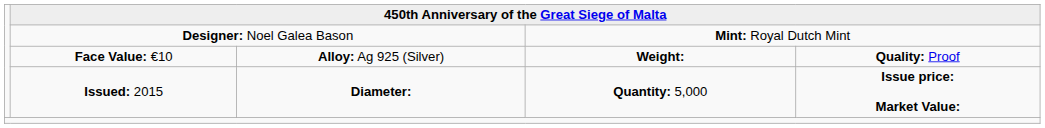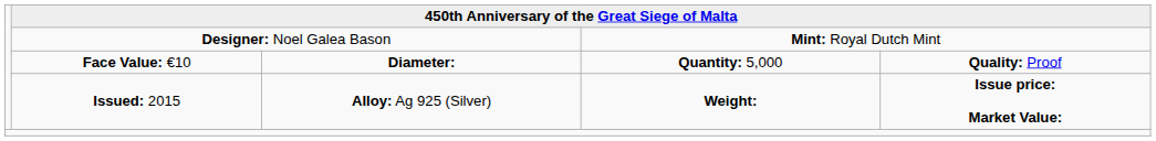 <table class="wikitable" width=100%>
 <tr>
 <td rowspan=4 width="330px" nowrap align=center></td>
 <th colspan="4" align=center style="background:#eeeeee;">450th Anniversary of the <a href='#'>Great Siege of Malta</a></th>
 </tr>
 <tr>
 <td colspan="2" width="50%" align=center><strong>Designer:</strong> Noel Galea Bason</td>
 <td colspan="2" width="50%" align=center><strong>Mint:</strong> Royal Dutch Mint</td>
 </tr>
 <tr>
 <td align=center><strong>Face Value:</strong> €10</td>
-<td align=center><strong>Alloy:</strong> Ag 925 (Silver)</td>
-<td align=center><strong>Weight:</strong> </td>
+<td align=center><strong>Diameter:</strong> </td>
+<td align=center><strong>Quantity:</strong> 5,000</td>
 <td align=center><strong>Quality:</strong> <a href='#'>Proof</a></td>
 </tr>
 <tr>
 <td align=center><strong>Issued:</strong> 2015</td>
-<td align=center><strong>Diameter:</strong> </td>
-<td align=center><strong>Quantity:</strong> 5,000</td>
+<td align=center><strong>Alloy:</strong> Ag 925 (Silver)</td>
+<td align=center><strong>Weight:</strong> </td>
 <td align=center><strong>Issue price:</strong><br><br> <strong>Market Value:</strong></td>
 </tr>
 <tr>
 <td colspan="5" align=left></td>
 </tr>
 </table>
